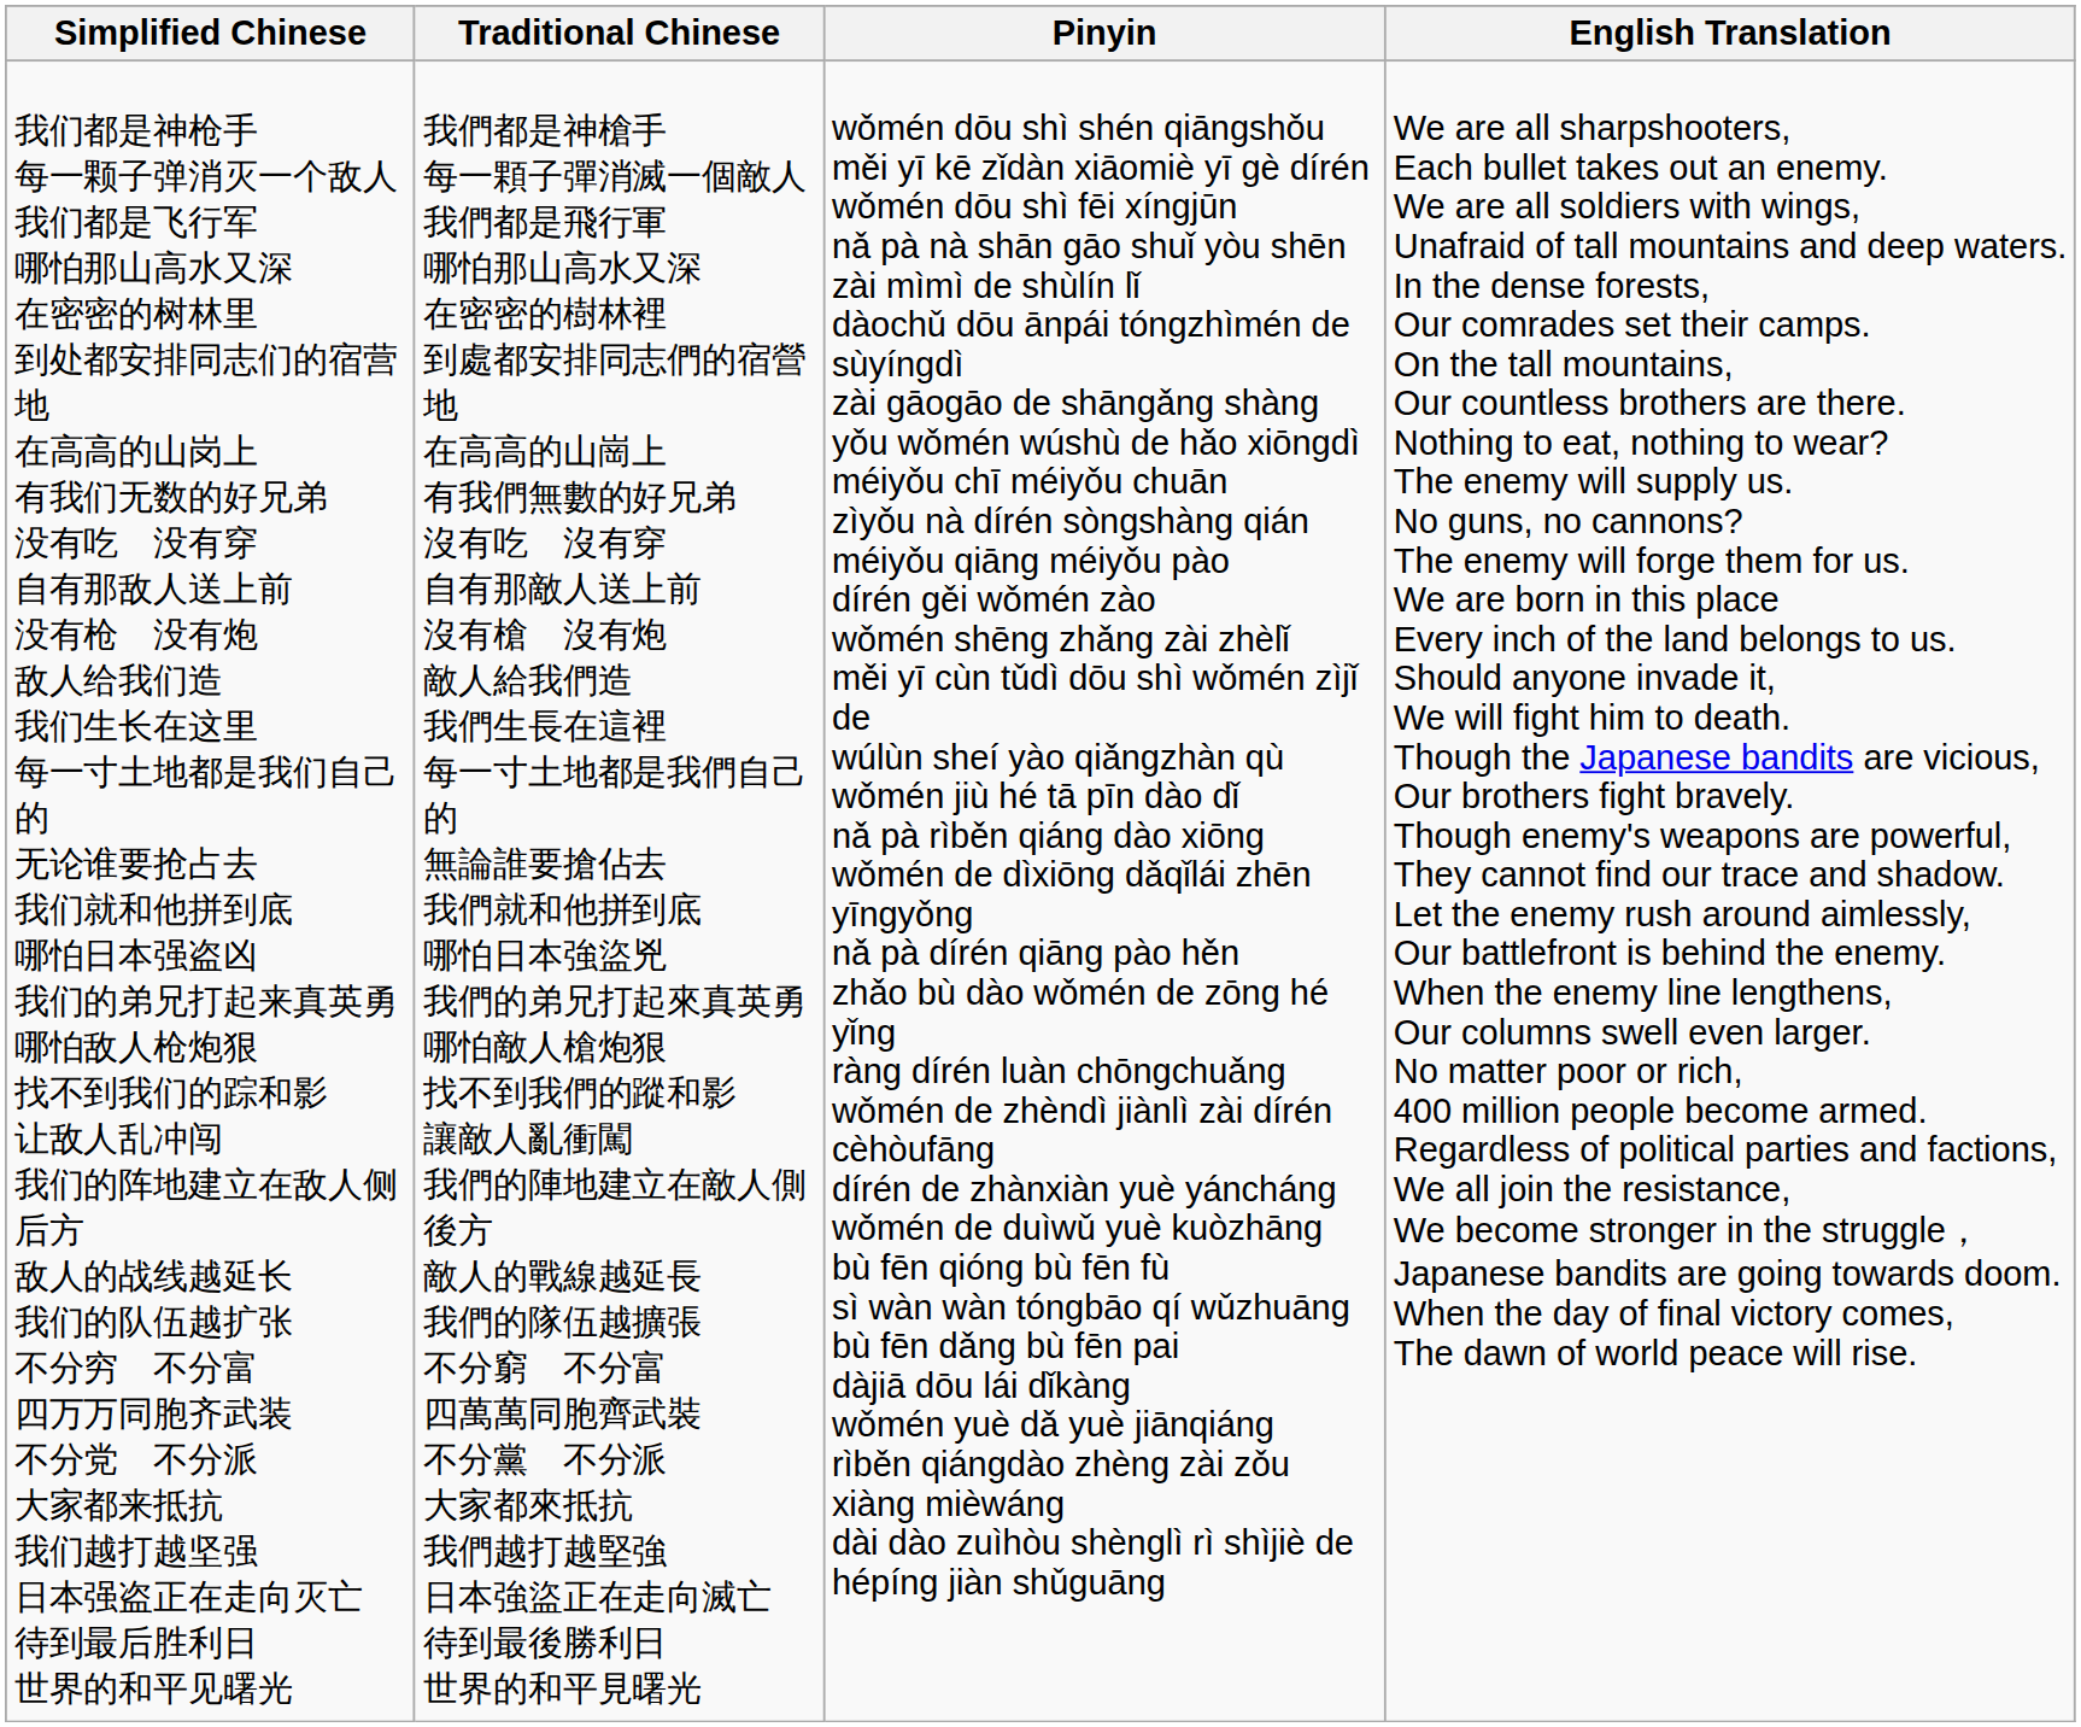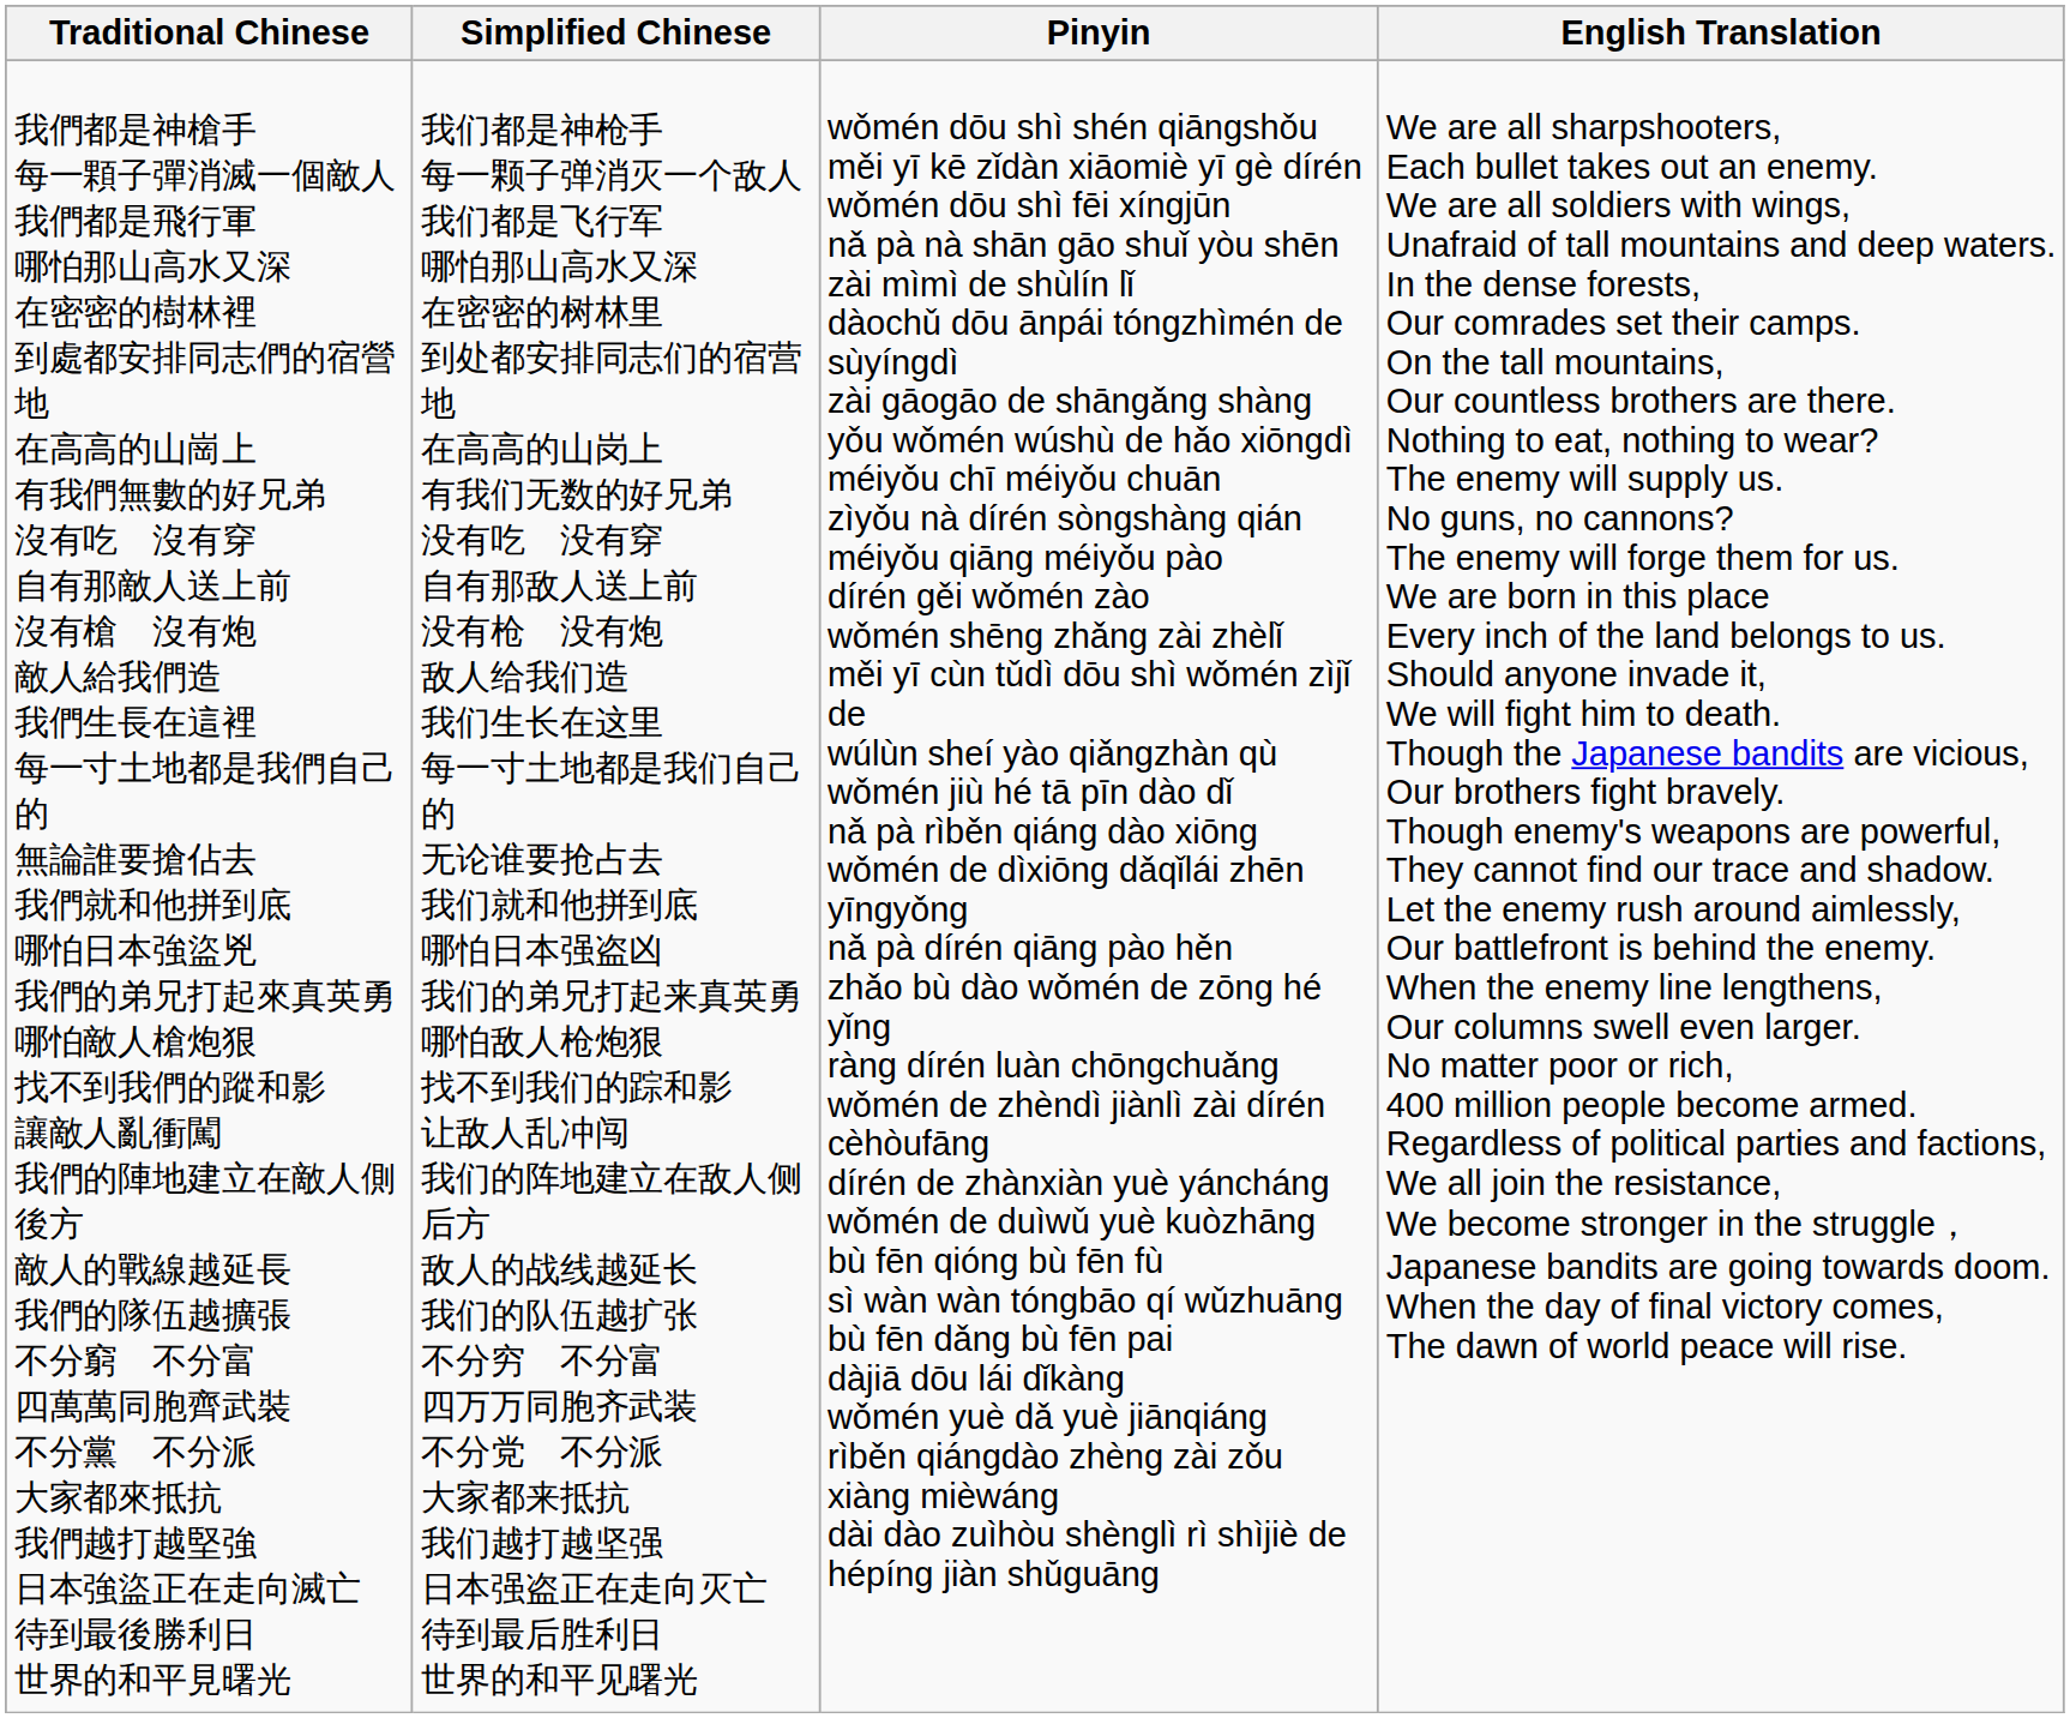 <table class="wikitable">
 <tr>
+<th width="180">Traditional Chinese</th>
 <th width="180">Simplified Chinese</th>
-<th width="180">Traditional Chinese</th>
 <th width="250">Pinyin</th>
 <th>English Translation</th>
 </tr>
 <tr valign="top">
+<td><br>我們都是神槍手<br> 每一顆子彈消滅一個敵人<br> 我們都是飛行軍<br> 哪怕那山高水又深<br>在密密的樹林裡<br> 到處都安排同志們的宿營地<br> 在高高的山崗上<br> 有我們無數的好兄弟<br>沒有吃　沒有穿<br> 自有那敵人送上前<br> 沒有槍　沒有炮<br> 敵人給我們造<br>我們生長在這裡<br> 每一寸土地都是我們自己的<br> 無論誰要搶佔去<br> 我們就和他拼到底<br>哪怕日本強盜兇<br> 我們的弟兄打起來真英勇<br> 哪怕敵人槍炮狠<br> 找不到我們的蹤和影<br>讓敵人亂衝闖<br> 我們的陣地建立在敵人側後方<br> 敵人的戰線越延長<br> 我們的隊伍越擴張<br>不分窮　不分富<br> 四萬萬同胞齊武裝<br> 不分黨　不分派<br> 大家都來抵抗<br>我們越打越堅強<br> 日本強盜正在走向滅亡<br> 待到最後勝利日<br> 世界的和平見曙光</td>
 <td><br>我们都是神枪手<br> 每一颗子弹消灭一个敌人<br> 我们都是飞行军<br> 哪怕那山高水又深<br>在密密的树林里<br> 到处都安排同志们的宿营地<br> 在高高的山岗上<br> 有我们无数的好兄弟<br>没有吃　没有穿<br> 自有那敌人送上前<br> 没有枪　没有炮<br> 敌人给我们造<br>我们生长在这里<br> 每一寸土地都是我们自己的<br> 无论谁要抢占去<br> 我们就和他拼到底<br>哪怕日本强盗凶<br> 我们的弟兄打起来真英勇<br> 哪怕敌人枪炮狠<br> 找不到我们的踪和影<br>让敌人乱冲闯<br> 我们的阵地建立在敌人侧后方<br> 敌人的战线越延长<br> 我们的队伍越扩张<br>不分穷　不分富<br> 四万万同胞齐武装<br> 不分党　不分派<br> 大家都来抵抗<br>我们越打越坚强<br> 日本强盗正在走向灭亡<br> 待到最后胜利日<br> 世界的和平见曙光</td>
-<td><br>我們都是神槍手<br> 每一顆子彈消滅一個敵人<br> 我們都是飛行軍<br> 哪怕那山高水又深<br>在密密的樹林裡<br> 到處都安排同志們的宿營地<br> 在高高的山崗上<br> 有我們無數的好兄弟<br>沒有吃　沒有穿<br> 自有那敵人送上前<br> 沒有槍　沒有炮<br> 敵人給我們造<br>我們生長在這裡<br> 每一寸土地都是我們自己的<br> 無論誰要搶佔去<br> 我們就和他拼到底<br>哪怕日本強盜兇<br> 我們的弟兄打起來真英勇<br> 哪怕敵人槍炮狠<br> 找不到我們的蹤和影<br>讓敵人亂衝闖<br> 我們的陣地建立在敵人側後方<br> 敵人的戰線越延長<br> 我們的隊伍越擴張<br>不分窮　不分富<br> 四萬萬同胞齊武裝<br> 不分黨　不分派<br> 大家都來抵抗<br>我們越打越堅強<br> 日本強盜正在走向滅亡<br> 待到最後勝利日<br> 世界的和平見曙光</td>
 <td><br>wǒmén dōu shì shén qiāngshǒu<br> měi yī kē zǐdàn xiāomiè yī gè dírén<br> wǒmén dōu shì fēi xíngjūn<br> nǎ pà nà shān gāo shuǐ yòu shēn<br>zài mìmì de shùlín lǐ<br> dàochǔ dōu ānpái tóngzhìmén de sùyíngdì<br> zài gāogāo de shāngǎng shàng<br> yǒu wǒmén wúshù de hǎo xiōngdì<br>méiyǒu chī méiyǒu chuān<br> zìyǒu nà dírén sòngshàng qián<br> méiyǒu qiāng méiyǒu pào<br> dírén gěi wǒmén zào<br>wǒmén shēng zhǎng zài zhèlǐ<br> měi yī cùn tǔdì dōu shì wǒmén zìjǐ de<br> wúlùn sheí yào qiǎngzhàn qù<br> wǒmén jiù hé tā pīn dào dǐ<br>nǎ pà rìběn qiáng dào xiōng<br> wǒmén de dìxiōng dǎqǐlái zhēn yīngyǒng<br> nǎ pà dírén qiāng pào hěn<br> zhǎo bù dào wǒmén de zōng hé yǐng<br>ràng dírén luàn chōngchuǎng<br> wǒmén de zhèndì jiànlì zài dírén cèhòufāng<br> dírén de zhànxiàn yuè yáncháng<br> wǒmén de duìwǔ yuè kuòzhāng<br>bù fēn qióng bù fēn fù<br> sì wàn wàn tóngbāo qí wǔzhuāng<br> bù fēn dǎng bù fēn pai<br> dàjiā dōu lái dǐkàng<br>wǒmén yuè dǎ yuè jiānqiáng<br> rìběn qiángdào zhèng zài zǒu xiàng mièwáng<br> dài dào zuìhòu shènglì rì shìjiè de hépíng jiàn shǔguāng</td>
 <td><br>We are all sharpshooters,<br> Each bullet takes out an enemy.<br> We are all soldiers with wings,<br> Unafraid of tall mountains and deep waters.<br>In the dense forests,<br> Our comrades set their camps.<br> On the tall mountains,<br> Our countless brothers are there.<br>Nothing to eat, nothing to wear?<br> The enemy will supply us.<br> No guns, no cannons?<br> The enemy will forge them for us.<br>We are born in this place<br> Every inch of the land belongs to us.<br> Should anyone invade it,<br> We will fight him to death.<br>Though the <a href='#'>Japanese bandits</a> are vicious,<br> Our brothers fight bravely.<br> Though enemy's weapons are powerful,<br> They cannot find our trace and shadow.<br>Let the enemy rush around aimlessly,<br> Our battlefront is behind the enemy.<br> When the enemy line lengthens,<br> Our columns swell even larger.<br>No matter poor or rich,<br> 400 million people become armed.<br> Regardless of political parties and factions,<br> We all join the resistance,<br>We become stronger in the struggle，<br> Japanese bandits are going towards doom.<br> When the day of final victory comes,<br> The dawn of world peace will rise.</td>
 </tr>
 </table>
